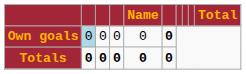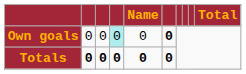 <table class="wikitable" style="text-align:center">
 <tr>
 <th style="background:#A32638; color:#FFB300; "></th>
 <th style="background:#A32638; color:#FFB300; "></th>
 <th style="background:#A32638; color:#FFB300; "></th>
 <th style="background:#A32638; color:#FFB300; "></th>
 <th style="background:#A32638; color:#FFB300; ">Name</th>
 <th style="background:#A32638; color:#FFB300; "></th>
 <th style="background:#A32638; color:#FFB300; "></th>
 <th style="background:#A32638; color:#FFB300; "></th>
 <th style="background:#A32638; color:#FFB300; "></th>
 <th style="background:#A32638; color:#FFB300; ">Total</th>
 </tr>
 <tr>
 <td style="background:#A32638; color:#FFB300; "><strong>Own goals</strong></td>
-<td style="background: lightblue;">0</td>
 <td>0</td>
 <td>0</td>
+<td style="background: paleturquoise;">0</td>
 <td>0</td>
 <td><strong>0</strong></td>
 </tr>
 <tr>
 <td style="background:#A32638; color:#FFB300; "><strong>Totals</strong></td>
 <td><strong>0</strong></td>
 <td><strong>0</strong></td>
 <td><strong>0</strong></td>
 <td><strong>0</strong></td>
 <td><strong>0</strong></td>
 </tr>
 </table>
